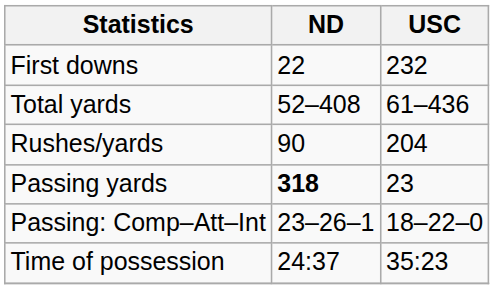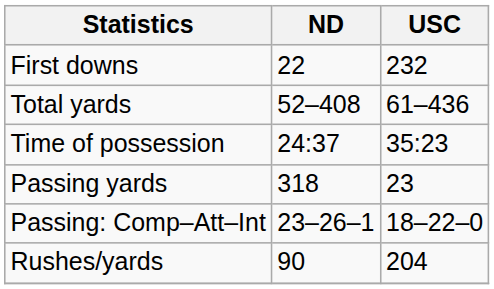 <table class="wikitable" style="float: left;">
 <tr>
 <th>Statistics</th>
 <th>ND</th>
 <th>USC</th>
 </tr>
 <tr>
 <td>First downs</td>
 <td>22</td>
 <td>232</td>
 </tr>
 <tr>
 <td>Total yards</td>
 <td>52–408</td>
 <td>61–436</td>
 </tr>
 <tr>
-<td>Rushes/yards</td>
-<td>90</td>
-<td>204</td>
+<td>Time of possession</td>
+<td>24:37</td>
+<td>35:23</td>
 </tr>
 <tr>
 <td>Passing yards</td>
-<td><strong>318</strong></td>
+<td>318</td>
 <td>23</td>
 </tr>
 <tr>
 <td>Passing: Comp–Att–Int</td>
 <td>23–26–1</td>
 <td>18–22–0</td>
 </tr>
 <tr>
-<td>Time of possession</td>
-<td>24:37</td>
-<td>35:23</td>
+<td>Rushes/yards</td>
+<td>90</td>
+<td>204</td>
 </tr>
 <tr>
 </tr>
 </table>
